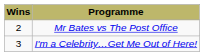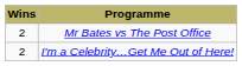 <table class="wikitable" style="text-align:center;">
 <tr>
 <th style="background:#BDB76B;">Wins</th>
 <th style="background:#BDB76B;">Programme</th>
 </tr>
 <tr>
 <td>2</td>
 <td><em><a href='#'>Mr Bates vs The Post Office</a></em></td>
 </tr>
 <tr>
-<td>3</td>
+<td>2</td>
 <td><em><a href='#'>I'm a Celebrity…Get Me Out of Here!</a></em></td>
 </tr>
 </table>
